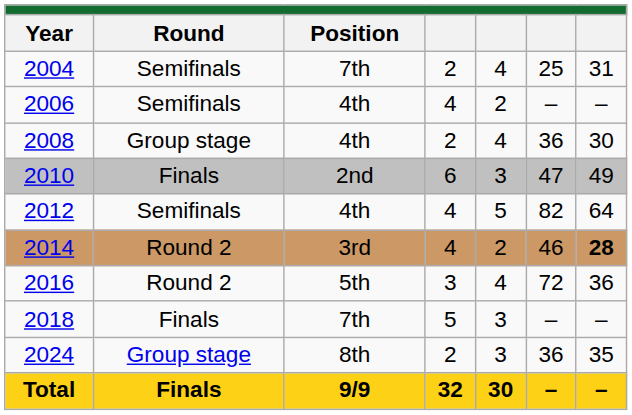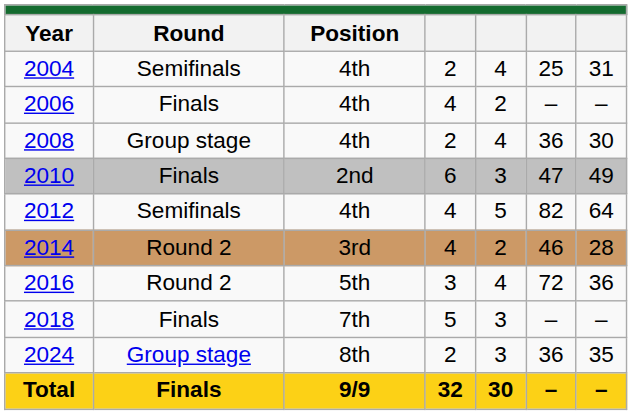 <table class="wikitable" style="text-align: center; width: 50%">
 <tr>
 <th style="background:#146B2F;" colspan="7"><a href='#'></a></th>
 </tr>
 <tr>
 <th>Year</th>
 <th>Round</th>
 <th>Position</th>
 <th></th>
 <th></th>
 <th></th>
 <th></th>
 </tr>
 <tr>
 <td> <a href='#'>2004</a></td>
 <td>Semifinals</td>
-<td>7th</td>
+<td>4th</td>
 <td>2</td>
 <td>4</td>
 <td>25</td>
 <td>31</td>
 </tr>
 <tr>
 <td> <a href='#'>2006</a></td>
-<td>Semifinals</td>
+<td>Finals</td>
 <td>4th</td>
 <td>4</td>
 <td>2</td>
 <td>–</td>
 <td>–</td>
 </tr>
 <tr>
 <td> <a href='#'>2008</a></td>
 <td>Group stage</td>
 <td>4th</td>
 <td>2</td>
 <td>4</td>
 <td>36</td>
 <td>30</td>
 </tr>
 <tr style="background:silver;">
 <td> <a href='#'>2010</a></td>
 <td>Finals</td>
 <td>2nd</td>
 <td>6</td>
 <td>3</td>
 <td>47</td>
 <td>49</td>
 </tr>
 <tr>
 <td> <a href='#'>2012</a></td>
 <td>Semifinals</td>
 <td>4th</td>
 <td>4</td>
 <td>5</td>
 <td>82</td>
 <td>64</td>
 </tr>
 <tr style="background:#c96;">
 <td> <a href='#'>2014</a></td>
 <td>Round 2</td>
 <td>3rd</td>
 <td>4</td>
 <td>2</td>
 <td>46</td>
-<td><strong>28</strong></td>
+<td>28</td>
 </tr>
 <tr>
 <td> <a href='#'>2016</a></td>
 <td>Round 2</td>
 <td>5th</td>
 <td>3</td>
 <td>4</td>
 <td>72</td>
 <td>36</td>
 </tr>
 <tr>
 <td> <a href='#'>2018</a></td>
 <td>Finals</td>
 <td>7th</td>
 <td>5</td>
 <td>3</td>
 <td>–</td>
 <td>–</td>
 </tr>
 <tr>
 <td> <a href='#'>2024</a></td>
 <td><a href='#'>Group stage</a></td>
 <td>8th</td>
 <td>2</td>
 <td>3</td>
 <td>36</td>
 <td>35</td>
 </tr>
 <tr>
 <th style="color:black; background:#FCD116;"><strong>Total</strong></th>
 <th style="color:black; background:#FCD116;"><strong>Finals</strong></th>
 <th style="color:black; background:#FCD116;"><strong>9/9</strong></th>
 <th style="color:black; background:#FCD116;"><strong>32</strong></th>
 <th style="color:black; background:#FCD116;"><strong>30</strong></th>
 <th style="color:black; background:#FCD116;"><strong>–</strong></th>
 <th style="color:black; background:#FCD116;"><strong>–</strong></th>
 </tr>
 </table>
